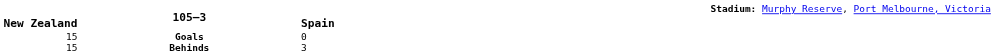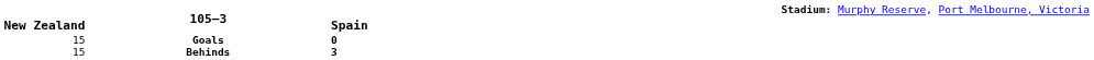 <table style="width: 100%; background: transparent;" cellspacing="0">
 <tr>
 <td align=center valign=top rowspan=3 width=15%></td>
 </tr>
 <tr>
 <td width=24% align=right><br><strong>New Zealand</strong></td>
 <td align=center width=13%><strong>105–3</strong></td>
 <td width=24%><br><strong>Spain</strong></td>
 <td style=font-size:85% rowspan=2 valign=top><strong>Stadium:</strong> <a href='#'>Murphy Reserve</a>, <a href='#'>Port Melbourne, Victoria</a></td>
 </tr>
 <tr style=font-size:85%>
 <td align=right valign=top>15<br> 15</td>
 <td align=center valign=top><strong>Goals <br>Behinds</strong></td>
-<td valign=top>0<br> 3</td>
+<td valign=top><strong>0<br> 3</strong></td>
 </tr>
 </table>
